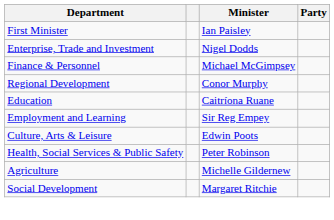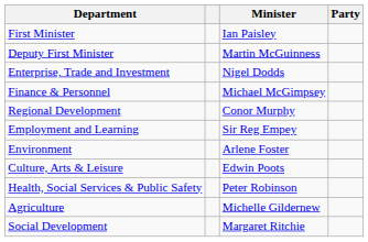 <table class="wikitable" style="margin: 1em auto 1em auto">
 <tr style="background:#ccc;">
 <th>Department</th>
 <th></th>
 <th>Minister</th>
 <th>Party</th>
 </tr>
 <tr>
 <td><a href='#'>First Minister</a></td>
 <td style="background:">   </td>
 <td><a href='#'>Ian Paisley</a></td>
+<td></td>
+</tr>
+<tr>
+<td><a href='#'>Deputy First Minister</a></td>
+<td style="background:">   </td>
+<td><a href='#'>Martin McGuinness</a></td>
 <td></td>
 </tr>
 <tr>
 <td><a href='#'>Enterprise, Trade and Investment</a></td>
 <td style="background:">   </td>
 <td><a href='#'>Nigel Dodds</a></td>
 <td></td>
 </tr>
 <tr>
 <td><a href='#'>Finance & Personnel</a></td>
 <td style="background:">   </td>
 <td><a href='#'>Michael McGimpsey</a></td>
 <td></td>
 </tr>
 <tr>
 <td><a href='#'>Regional Development</a></td>
 <td style="background:">   </td>
 <td><a href='#'>Conor Murphy</a></td>
 <td></td>
 </tr>
 <tr>
-<td><a href='#'>Education</a></td>
+<td><a href='#'>Employment and Learning</a></td>
 <td style="background:">   </td>
-<td><a href='#'>Caitríona Ruane</a></td>
+<td><a href='#'>Sir Reg Empey</a></td>
 <td></td>
 </tr>
 <tr>
-<td><a href='#'>Employment and Learning</a></td>
+<td><a href='#'>Environment</a></td>
 <td style="background:">   </td>
-<td><a href='#'>Sir Reg Empey</a></td>
+<td><a href='#'>Arlene Foster</a></td>
 <td></td>
 </tr>
 <tr>
 <td><a href='#'>Culture, Arts & Leisure</a></td>
 <td style="background:">   </td>
 <td><a href='#'>Edwin Poots</a></td>
 <td></td>
 </tr>
 <tr>
 <td><a href='#'>Health, Social Services & Public Safety</a></td>
 <td style="background:">   </td>
 <td><a href='#'>Peter Robinson</a></td>
 <td></td>
 </tr>
 <tr>
 <td><a href='#'>Agriculture</a></td>
 <td style="background:">   </td>
 <td><a href='#'>Michelle Gildernew</a></td>
 <td></td>
 </tr>
 <tr>
 <td><a href='#'>Social Development</a></td>
 <td style="background:">   </td>
 <td><a href='#'>Margaret Ritchie</a></td>
 <td></td>
 </tr>
 </table>
